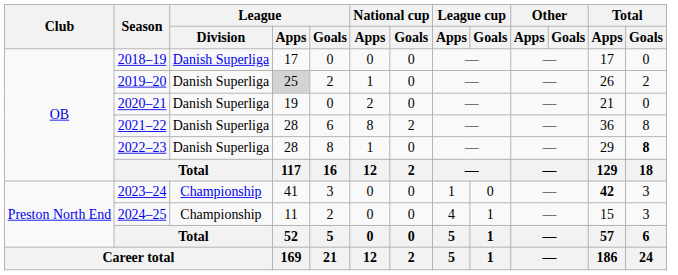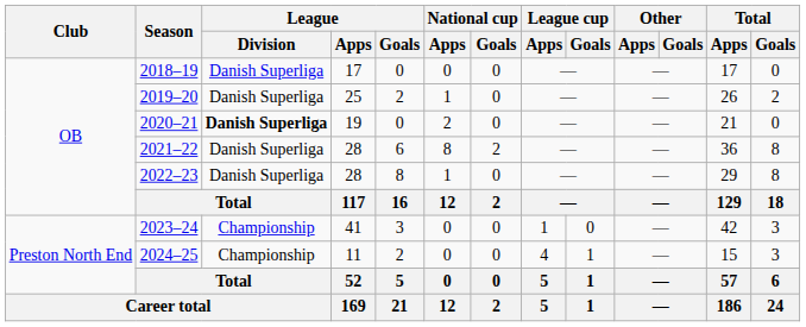 <table class="wikitable" style="text-align:center">
 <tr>
 <th rowspan="2">Club</th>
 <th rowspan="2">Season</th>
 <th colspan="3">League</th>
 <th colspan="2">National cup</th>
 <th colspan="2">League cup</th>
 <th colspan="2">Other</th>
 <th colspan="2">Total</th>
 </tr>
 <tr>
 <th>Division</th>
 <th>Apps</th>
 <th>Goals</th>
 <th>Apps</th>
 <th>Goals</th>
 <th>Apps</th>
 <th>Goals</th>
 <th>Apps</th>
 <th>Goals</th>
 <th>Apps</th>
 <th>Goals</th>
 </tr>
 <tr>
 <td rowspan="6"><a href='#'>OB</a></td>
 <td><a href='#'>2018–19</a></td>
 <td><a href='#'>Danish Superliga</a></td>
 <td>17</td>
 <td>0</td>
 <td>0</td>
 <td>0</td>
 <td colspan="2">—</td>
 <td colspan="2">—</td>
 <td>17</td>
 <td>0</td>
 </tr>
 <tr>
 <td><a href='#'>2019–20</a></td>
 <td>Danish Superliga</td>
-<td style="background: lightgrey;">25</td>
+<td>25</td>
 <td>2</td>
 <td>1</td>
 <td>0</td>
 <td colspan="2">—</td>
 <td colspan="2">—</td>
 <td>26</td>
 <td>2</td>
 </tr>
 <tr>
 <td><a href='#'>2020–21</a></td>
-<td>Danish Superliga</td>
+<td><strong>Danish Superliga</strong></td>
 <td>19</td>
 <td>0</td>
 <td>2</td>
 <td>0</td>
 <td colspan="2">—</td>
 <td colspan="2">—</td>
 <td>21</td>
 <td>0</td>
 </tr>
 <tr>
 <td><a href='#'>2021–22</a></td>
 <td>Danish Superliga</td>
 <td>28</td>
 <td>6</td>
 <td>8</td>
 <td>2</td>
 <td colspan="2">—</td>
 <td colspan="2">—</td>
 <td>36</td>
 <td>8</td>
 </tr>
 <tr>
 <td><a href='#'>2022–23</a></td>
 <td>Danish Superliga</td>
 <td>28</td>
 <td>8</td>
 <td>1</td>
 <td>0</td>
 <td colspan="2">—</td>
 <td colspan="2">—</td>
 <td>29</td>
-<td><strong>8</strong></td>
+<td>8</td>
 </tr>
 <tr>
 <th colspan="2">Total</th>
 <th>117</th>
 <th>16</th>
 <th>12</th>
 <th>2</th>
 <th colspan="2">—</th>
 <th colspan="2">—</th>
 <th>129</th>
 <th>18</th>
 </tr>
 <tr>
 <td rowspan="3"><a href='#'>Preston North End</a></td>
 <td><a href='#'>2023–24</a></td>
 <td><a href='#'>Championship</a></td>
 <td>41</td>
 <td>3</td>
 <td>0</td>
 <td>0</td>
 <td>1</td>
 <td>0</td>
 <td colspan="2">—</td>
-<td><strong>42</strong></td>
+<td>42</td>
 <td>3</td>
 </tr>
 <tr>
 <td><a href='#'>2024–25</a></td>
 <td>Championship</td>
 <td>11</td>
 <td>2</td>
 <td>0</td>
 <td>0</td>
 <td>4</td>
 <td>1</td>
 <td colspan="2">—</td>
 <td>15</td>
 <td>3</td>
 </tr>
 <tr>
 <th colspan="2">Total</th>
 <th>52</th>
 <th>5</th>
 <th>0</th>
 <th>0</th>
 <th>5</th>
 <th>1</th>
 <th colspan="2">—</th>
 <th>57</th>
 <th>6</th>
 </tr>
 <tr>
 <th colspan="3">Career total</th>
 <th>169</th>
 <th>21</th>
 <th>12</th>
 <th>2</th>
 <th>5</th>
 <th>1</th>
 <th colspan="2">—</th>
 <th>186</th>
 <th>24</th>
 </tr>
 </table>
